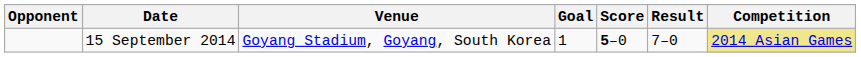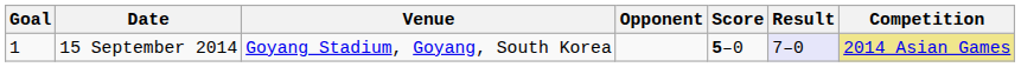 <table class="wikitable">
 <tr>
-<th>Opponent</th>
+<th>Goal</th>
 <th>Date</th>
 <th>Venue</th>
-<th>Goal</th>
+<th>Opponent</th>
 <th>Score</th>
 <th>Result</th>
 <th>Competition</th>
 </tr>
 <tr>
-<td></td>
+<td>1</td>
 <td>15 September 2014</td>
 <td><a href='#'>Goyang Stadium</a>, <a href='#'>Goyang</a>, South Korea</td>
-<td>1</td>
+<td></td>
 <td><strong>5</strong>–0</td>
-<td>7–0</td>
+<td style="background: lavender;">7–0</td>
 <td style="background: khaki;"><a href='#'>2014 Asian Games</a></td>
 </tr>
 </table>
